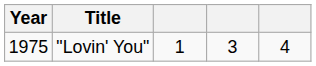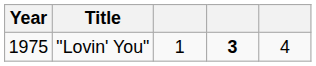 <table class="wikitable">
 <tr>
 <th>Year</th>
 <th>Title</th>
 <th width="40"></th>
 <th width="40"></th>
 <th width="40"></th>
 </tr>
 <tr>
 <td rowspan=3>1975</td>
 <td>"Lovin' You"</td>
 <td style="text-align:center;">1</td>
-<td style="text-align:center;">3</td>
+<td style="text-align:center;"><strong>3</strong></td>
 <td style="text-align:center;">4</td>
 </tr>
 </table>
